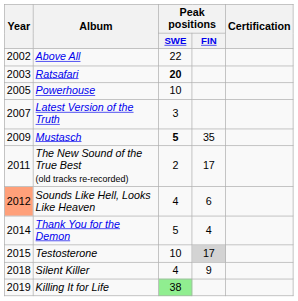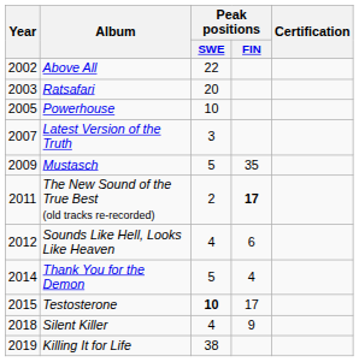 <table class="wikitable">
 <tr>
 <th rowspan="2" style="text-align:center; width:10px;">Year</th>
 <th rowspan="2" style="text-align:center; width:180px;">Album</th>
 <th colspan="2" style="text-align:center; width:20px;">Peak positions</th>
 <th rowspan="2" style="text-align:center; width:70px;">Certification</th>
 </tr>
 <tr>
 <th scope="col" style="width:3em;font-size:90%;"><a href='#'>SWE</a><br></th>
 <th scope="col" style="width:3em;font-size:90%;"><a href='#'>FIN</a><br></th>
 </tr>
 <tr>
 <td style="text-align:center;">2002</td>
 <td><em><a href='#'>Above All</a></em></td>
 <td style="text-align:center;">22</td>
 <td style="text-align:center;"></td>
 <td style="text-align:center;"></td>
 </tr>
 <tr>
 <td style="text-align:center;">2003</td>
 <td><em><a href='#'>Ratsafari</a></em></td>
-<td style="text-align:center;"><strong>20</strong></td>
+<td style="text-align:center;">20</td>
 <td style="text-align:center;"></td>
 <td style="text-align:center;"></td>
 </tr>
 <tr>
 <td style="text-align:center;">2005</td>
 <td><em><a href='#'>Powerhouse</a></em></td>
 <td style="text-align:center;">10</td>
 <td style="text-align:center;"></td>
 <td style="text-align:center;"></td>
 </tr>
 <tr>
 <td style="text-align:center;">2007</td>
 <td><em><a href='#'>Latest Version of the Truth</a></em></td>
 <td style="text-align:center;">3</td>
 <td style="text-align:center;"></td>
 <td style="text-align:center;"></td>
 </tr>
 <tr>
 <td style="text-align:center;">2009</td>
 <td><em><a href='#'>Mustasch</a></em></td>
-<td style="text-align:center;"><strong>5</strong></td>
+<td style="text-align:center;">5</td>
 <td style="text-align:center;">35</td>
 <td style="text-align:center;"></td>
 </tr>
 <tr>
 <td style="text-align:center;">2011</td>
 <td><em>The New Sound of the True Best</em> <br><small>(old tracks re-recorded)</small></td>
 <td style="text-align:center;">2</td>
-<td style="text-align:center;">17</td>
+<td style="text-align:center;"><strong>17</strong></td>
 <td style="text-align:center;"></td>
 </tr>
 <tr>
-<td style="background: lightsalmon; text-align:center;">2012</td>
+<td style="text-align:center;">2012</td>
 <td><em>Sounds Like Hell, Looks Like Heaven</em></td>
 <td style="text-align:center;">4</td>
 <td style="text-align:center;">6</td>
 <td style="text-align:center;"></td>
 </tr>
 <tr>
 <td style="text-align:center;">2014</td>
 <td><em><a href='#'>Thank You for the Demon</a></em></td>
 <td style="text-align:center;">5</td>
 <td style="text-align:center;">4</td>
 <td style="text-align:center;"></td>
 </tr>
 <tr>
 <td style="text-align:center;">2015</td>
 <td><em>Testosterone</em></td>
-<td style="text-align:center;">10</td>
-<td style="background: lightgrey; text-align:center;">17</td>
+<td style="text-align:center;"><strong>10</strong></td>
+<td style="text-align:center;">17</td>
 <td style="text-align:center;"></td>
 </tr>
 <tr>
 <td style="text-align:center;">2018</td>
 <td><em>Silent Killer</em></td>
 <td style="text-align:center;">4<br></td>
 <td style="text-align:center;">9</td>
 <td style="text-align:center;"></td>
 </tr>
 <tr>
 <td style="text-align:center;">2019</td>
 <td><em>Killing It for Life</em></td>
-<td style="background: lightgreen; text-align:center;">38<br></td>
+<td style="text-align:center;">38<br></td>
 <td style="text-align:center;"></td>
 <td style="text-align:center;"></td>
 </tr>
 </table>
